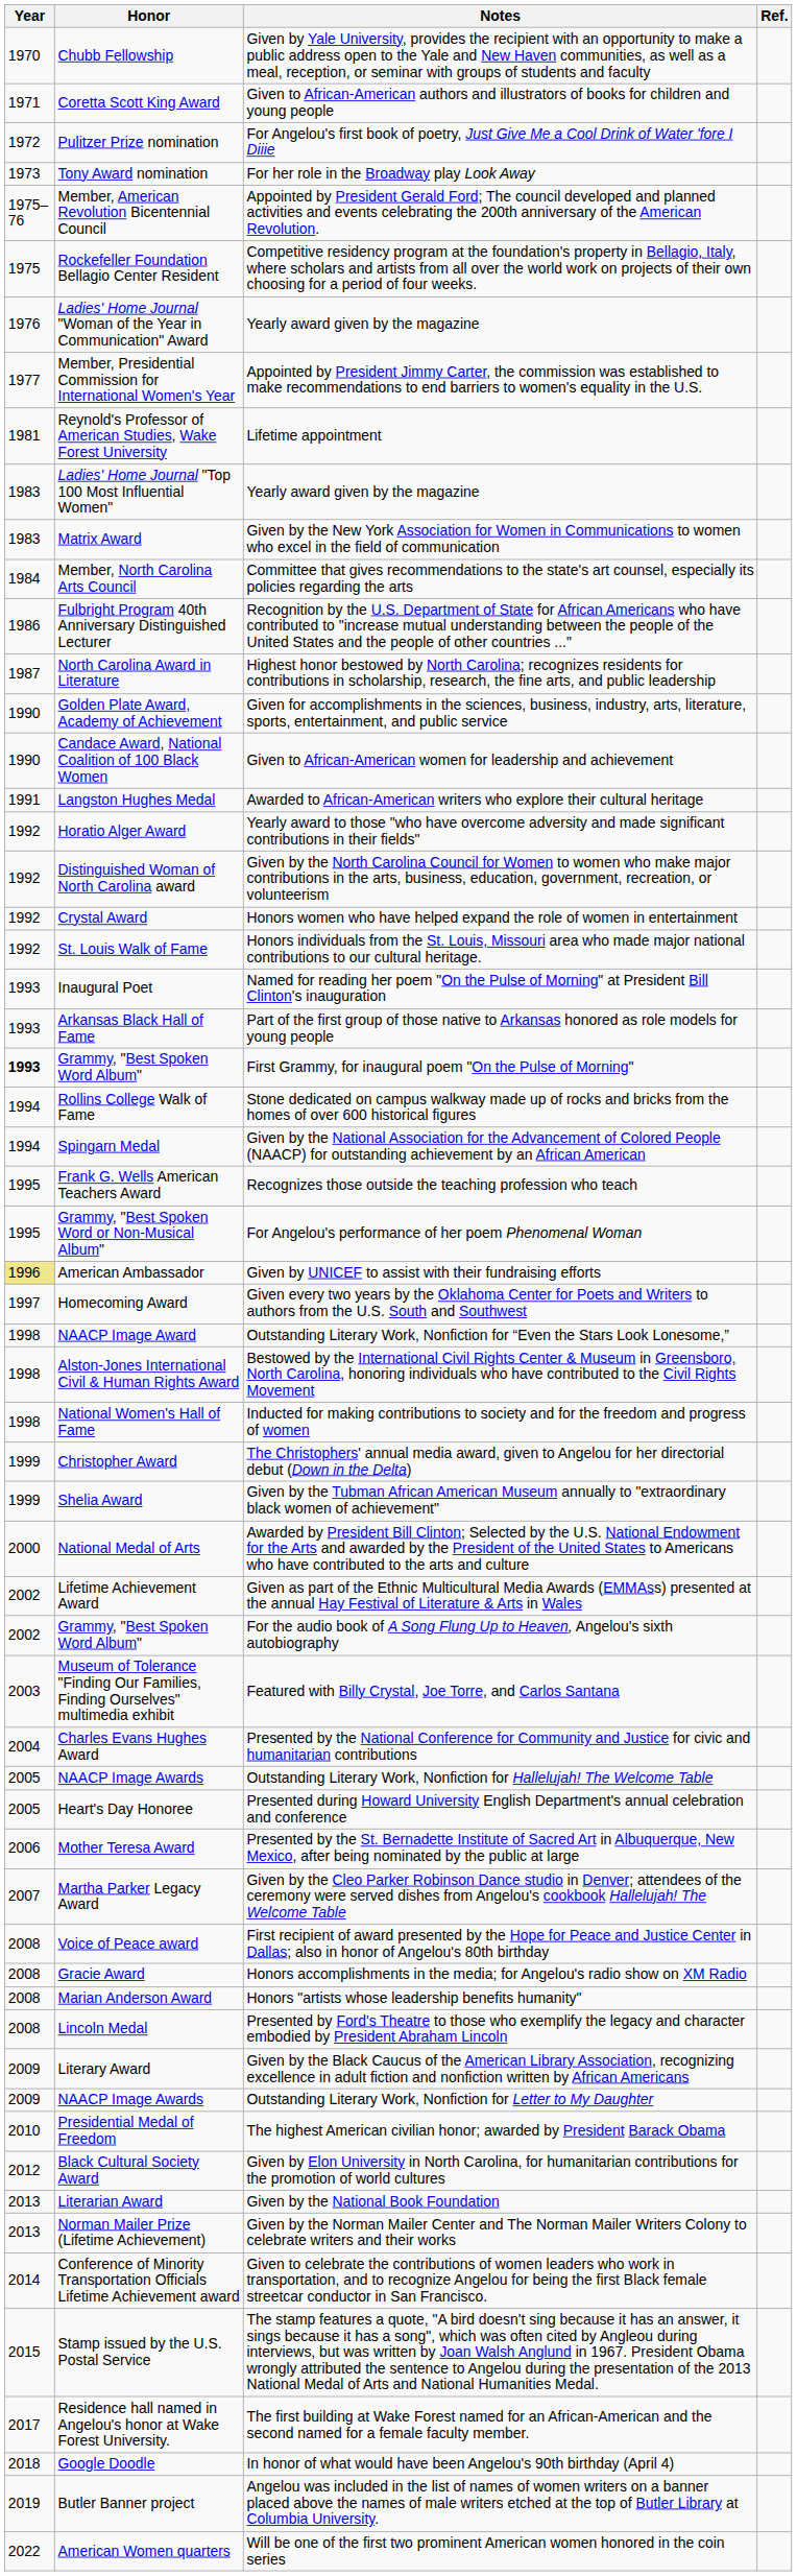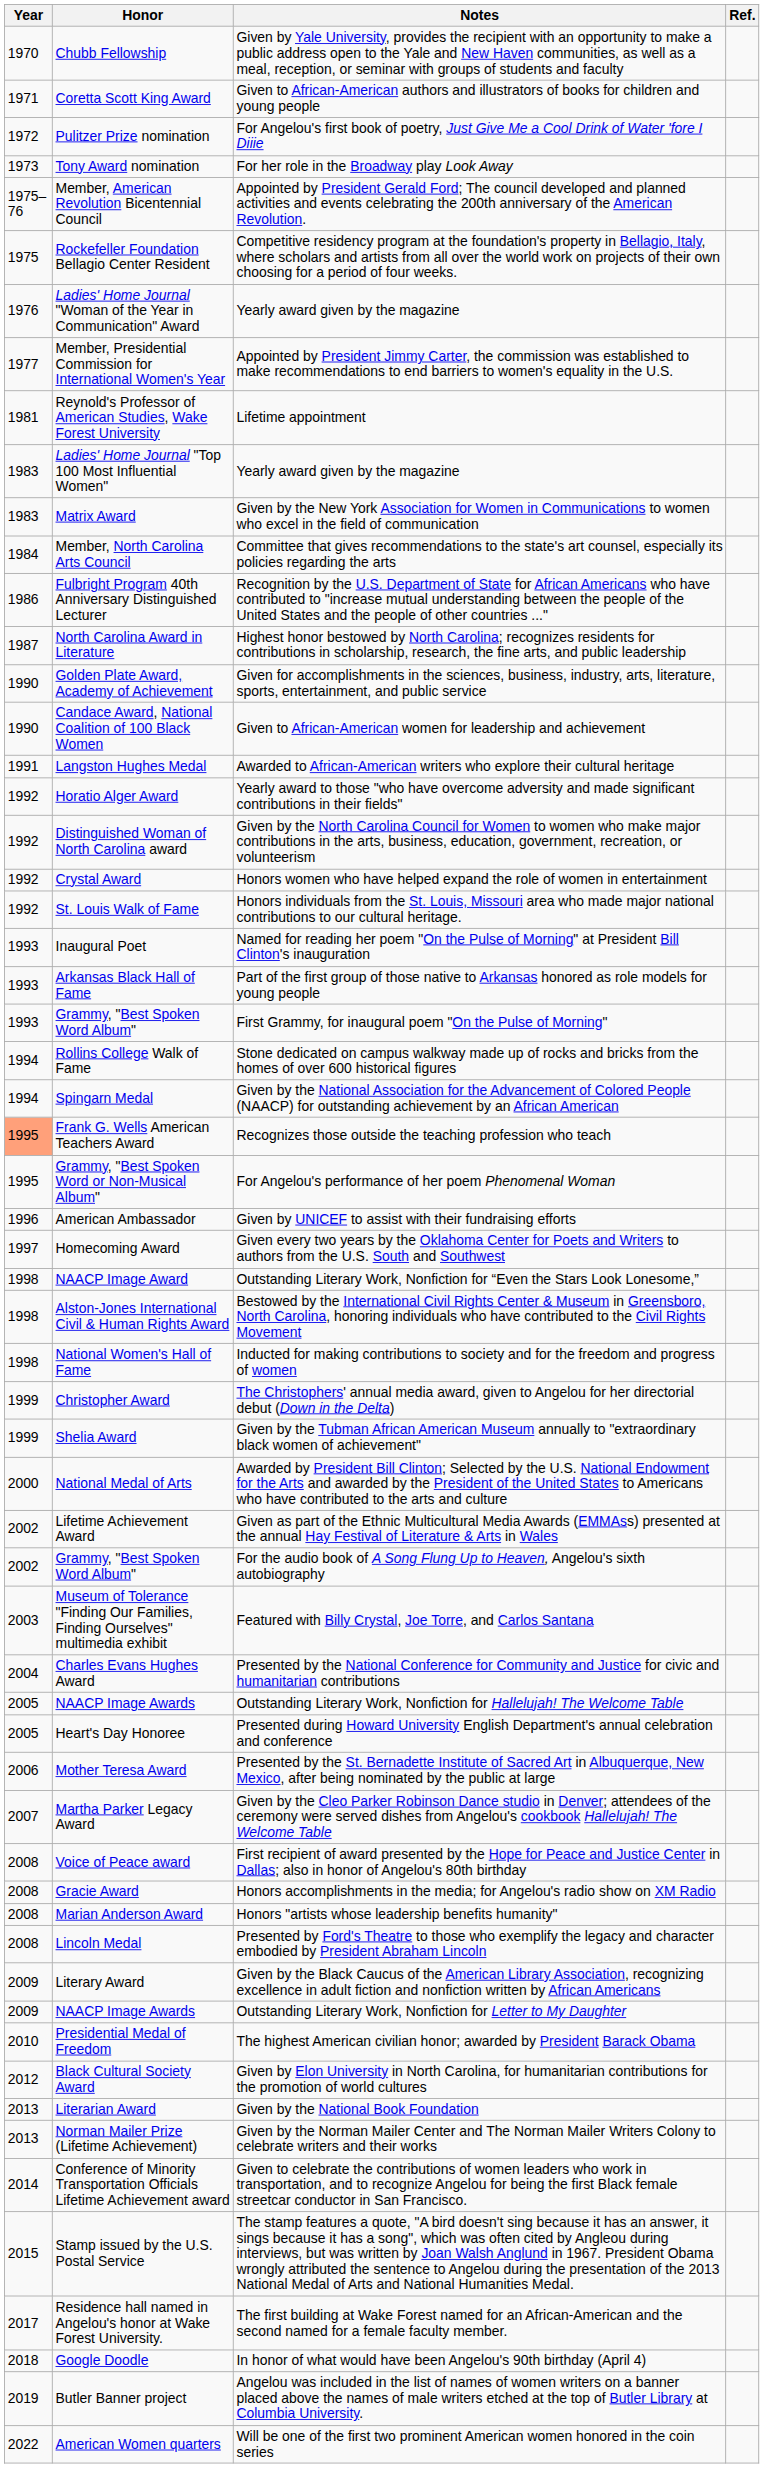 <table class="wikitable sortable">
 <tr>
 <th scope="col">Year</th>
 <th scope="col">Honor</th>
 <th class="unsortable" scope="col">Notes</th>
 <th class="unsortable" scope="col">Ref.</th>
 </tr>
 <tr>
 <td>1970</td>
 <td><a href='#'>Chubb Fellowship</a></td>
 <td>Given by <a href='#'>Yale University</a>, provides the recipient with an opportunity to make a public address open to the Yale and <a href='#'>New Haven</a> communities, as well as a meal, reception, or seminar with groups of students and faculty</td>
 <td style="text-align:center;"></td>
 </tr>
 <tr>
 <td>1971</td>
 <td><a href='#'>Coretta Scott King Award</a></td>
 <td>Given to <a href='#'>African-American</a> authors and illustrators of books for children and young people</td>
 <td style="text-align:center;"></td>
 </tr>
 <tr>
 <td>1972</td>
 <td><a href='#'>Pulitzer Prize</a> nomination</td>
 <td>For Angelou's first book of poetry, <em><a href='#'>Just Give Me a Cool Drink of Water 'fore I Diiie</a></em></td>
 <td style="text-align:center;"></td>
 </tr>
 <tr>
 <td>1973</td>
 <td><a href='#'>Tony Award</a> nomination</td>
 <td>For her role in the <a href='#'>Broadway</a> play <em>Look Away</em></td>
 <td style="text-align:center;"></td>
 </tr>
 <tr>
 <td>1975–76</td>
 <td>Member, <a href='#'>American Revolution</a> Bicentennial Council</td>
 <td>Appointed by <a href='#'>President Gerald Ford</a>; The council developed and planned activities and events celebrating the 200th anniversary of the <a href='#'>American Revolution</a>.</td>
 <td style="text-align:center;"></td>
 </tr>
 <tr>
 <td>1975</td>
 <td><a href='#'>Rockefeller Foundation</a> Bellagio Center Resident</td>
 <td>Competitive residency program at the foundation's property in <a href='#'>Bellagio, Italy</a>, where scholars and artists from all over the world work on projects of their own choosing for a period of four weeks.</td>
 <td style="text-align:center;"></td>
 </tr>
 <tr>
 <td>1976</td>
 <td><em><a href='#'>Ladies' Home Journal</a></em> "Woman of the Year in Communication" Award</td>
 <td>Yearly award given by the magazine</td>
 <td style="text-align:center;"></td>
 </tr>
 <tr>
 <td>1977</td>
 <td>Member, Presidential Commission for <a href='#'>International Women's Year</a></td>
 <td>Appointed by <a href='#'>President Jimmy Carter</a>, the commission was established to make recommendations to end barriers to women's equality in the U.S.</td>
 <td style="text-align:center;"></td>
 </tr>
 <tr>
 <td>1981</td>
 <td>Reynold's Professor of <a href='#'>American Studies</a>, <a href='#'>Wake Forest University</a></td>
 <td>Lifetime appointment</td>
 <td style="text-align:center;"></td>
 </tr>
 <tr>
 <td>1983</td>
 <td><em><a href='#'>Ladies' Home Journal</a></em> "Top 100 Most Influential Women"</td>
 <td>Yearly award given by the magazine</td>
 <td style="text-align:center;"></td>
 </tr>
 <tr>
 <td>1983</td>
 <td><a href='#'>Matrix Award</a></td>
 <td>Given by the New York <a href='#'>Association for Women in Communications</a> to women who excel in the field of communication</td>
 <td style="text-align:center;"></td>
 </tr>
 <tr>
 <td>1984</td>
 <td>Member, <a href='#'>North Carolina Arts Council</a></td>
 <td>Committee that gives recommendations to the state's art counsel, especially its policies regarding the arts</td>
 <td style="text-align:center;"></td>
 </tr>
 <tr>
 <td>1986</td>
 <td><a href='#'>Fulbright Program</a> 40th Anniversary Distinguished Lecturer</td>
 <td>Recognition by the <a href='#'>U.S. Department of State</a> for <a href='#'>African Americans</a> who have contributed to "increase mutual understanding between the people of the United States and the people of other countries ..."</td>
 <td style="text-align:center;"></td>
 </tr>
 <tr>
 <td>1987</td>
 <td><a href='#'>North Carolina Award in Literature</a></td>
 <td>Highest honor bestowed by <a href='#'>North Carolina</a>; recognizes residents for contributions in scholarship, research, the fine arts, and public leadership</td>
 <td style="text-align:center;"></td>
 </tr>
 <tr>
 <td>1990</td>
 <td><a href='#'>Golden Plate Award, Academy of Achievement</a></td>
 <td>Given for accomplishments in the sciences, business, industry, arts, literature, sports, entertainment, and public service</td>
 <td style="text-align:center;"></td>
 </tr>
 <tr>
 <td>1990</td>
 <td><a href='#'>Candace Award</a>, <a href='#'>National Coalition of 100 Black Women</a></td>
 <td>Given to <a href='#'>African-American</a> women for leadership and achievement</td>
 <td style="text-align:center;"></td>
 </tr>
 <tr>
 <td>1991</td>
 <td><a href='#'>Langston Hughes Medal</a></td>
 <td>Awarded to <a href='#'>African-American</a> writers who explore their cultural heritage</td>
 <td style="text-align:center;"></td>
 </tr>
 <tr>
 <td>1992</td>
 <td><a href='#'>Horatio Alger Award</a></td>
 <td>Yearly award to those "who have overcome adversity and made significant contributions in their fields"</td>
 <td style="text-align:center;"></td>
 </tr>
 <tr>
 <td>1992</td>
 <td><a href='#'>Distinguished Woman of North Carolina</a> award</td>
 <td>Given by the <a href='#'>North Carolina Council for Women</a> to women who make major contributions in the arts, business, education, government, recreation, or volunteerism</td>
 <td style="text-align:center;"></td>
 </tr>
 <tr>
 <td>1992</td>
 <td><a href='#'>Crystal Award</a></td>
 <td>Honors women who have helped expand the role of women in entertainment</td>
 <td style="text-align:center;"></td>
 </tr>
 <tr>
 <td>1992</td>
 <td><a href='#'>St. Louis Walk of Fame</a></td>
 <td>Honors individuals from the <a href='#'>St. Louis, Missouri</a> area who made major national contributions to our cultural heritage.</td>
 <td style="text-align:center;"></td>
 </tr>
 <tr>
 <td>1993</td>
 <td>Inaugural Poet</td>
 <td>Named for reading her poem "<a href='#'>On the Pulse of Morning</a>" at President <a href='#'>Bill Clinton</a>'s inauguration</td>
 <td style="text-align:center;"></td>
 </tr>
 <tr>
 <td>1993</td>
 <td><a href='#'>Arkansas Black Hall of Fame</a></td>
 <td>Part of the first group of those native to <a href='#'>Arkansas</a> honored as role models for young people</td>
 <td style="text-align:center;"></td>
 </tr>
 <tr>
-<td><strong>1993</strong></td>
+<td>1993</td>
 <td><a href='#'>Grammy</a>, "<a href='#'>Best Spoken Word Album</a>"</td>
 <td>First Grammy, for inaugural poem "<a href='#'>On the Pulse of Morning</a>"</td>
 <td style="text-align:center;"></td>
 </tr>
 <tr>
 <td>1994</td>
 <td><a href='#'>Rollins College</a> Walk of Fame</td>
 <td>Stone dedicated on campus walkway made up of rocks and bricks from the homes of over 600 historical figures</td>
 <td style="text-align:center;"></td>
 </tr>
 <tr>
 <td>1994</td>
 <td><a href='#'>Spingarn Medal</a></td>
 <td>Given by the <a href='#'>National Association for the Advancement of Colored People</a> (NAACP) for outstanding achievement by an <a href='#'>African American</a></td>
 <td style="text-align:center;"></td>
 </tr>
 <tr>
-<td>1995</td>
+<td style="background: lightsalmon;">1995</td>
 <td><a href='#'>Frank G. Wells</a> American Teachers Award</td>
 <td>Recognizes those outside the teaching profession who teach</td>
 <td style="text-align:center;"></td>
 </tr>
 <tr>
 <td>1995</td>
 <td><a href='#'>Grammy</a>, "<a href='#'>Best Spoken Word or Non-Musical Album</a>"</td>
 <td>For Angelou's performance of her poem <em>Phenomenal Woman</em></td>
 <td style="text-align:center;"></td>
 </tr>
 <tr>
-<td style="background: khaki;">1996</td>
+<td>1996</td>
 <td>American Ambassador</td>
 <td>Given by <a href='#'>UNICEF</a> to assist with their fundraising efforts</td>
 <td style="text-align:center;"></td>
 </tr>
 <tr>
 <td>1997</td>
 <td>Homecoming Award</td>
 <td>Given every two years by the <a href='#'>Oklahoma Center for Poets and Writers</a> to authors from the U.S. <a href='#'>South</a> and <a href='#'>Southwest</a></td>
 <td style="text-align:center;"></td>
 </tr>
 <tr>
 <td>1998</td>
 <td><a href='#'>NAACP Image Award</a></td>
 <td>Outstanding Literary Work, Nonfiction for “Even the Stars Look Lonesome,”</td>
 <td style="text-align:center;"></td>
 </tr>
 <tr>
 <td>1998</td>
 <td><a href='#'>Alston-Jones International Civil & Human Rights Award</a></td>
 <td>Bestowed by the <a href='#'>International Civil Rights Center & Museum</a> in <a href='#'>Greensboro, North Carolina</a>, honoring individuals who have contributed to the <a href='#'>Civil Rights Movement</a></td>
 <td style="text-align:center;"></td>
 </tr>
 <tr>
 <td>1998</td>
 <td><a href='#'>National Women's Hall of Fame</a></td>
 <td>Inducted for making contributions to society and for the freedom and progress of <a href='#'>women</a></td>
 <td style="text-align:center;"></td>
 </tr>
 <tr>
 <td>1999</td>
 <td><a href='#'>Christopher Award</a></td>
 <td><a href='#'>The Christophers</a>' annual media award, given to Angelou for her directorial debut (<em><a href='#'>Down in the Delta</a></em>)</td>
 <td style="text-align:center;"></td>
 </tr>
 <tr>
 <td>1999</td>
 <td><a href='#'>Shelia Award</a></td>
 <td>Given by the <a href='#'>Tubman African American Museum</a> annually to "extraordinary black women of achievement"</td>
 <td style="text-align:center;"></td>
 </tr>
 <tr>
 <td>2000</td>
 <td><a href='#'>National Medal of Arts</a></td>
 <td>Awarded by <a href='#'>President Bill Clinton</a>; Selected by the U.S. <a href='#'>National Endowment for the Arts</a> and awarded by the <a href='#'>President of the United States</a> to Americans who have contributed to the arts and culture</td>
 <td style="text-align:center;"></td>
 </tr>
 <tr>
 <td>2002</td>
 <td>Lifetime Achievement Award</td>
 <td>Given as part of the Ethnic Multicultural Media Awards (<a href='#'>EMMAs</a>s) presented at the annual <a href='#'>Hay Festival of Literature & Arts</a> in <a href='#'>Wales</a></td>
 <td style="text-align:center;"></td>
 </tr>
 <tr>
 <td>2002</td>
 <td><a href='#'>Grammy</a>, "<a href='#'>Best Spoken Word Album</a>"</td>
 <td>For the audio book of <em><a href='#'>A Song Flung Up to Heaven</a>,</em> Angelou's sixth autobiography</td>
 <td style="text-align:center;"></td>
 </tr>
 <tr>
 <td>2003</td>
 <td><a href='#'>Museum of Tolerance</a> "Finding Our Families, Finding Ourselves" multimedia exhibit</td>
 <td>Featured with <a href='#'>Billy Crystal</a>, <a href='#'>Joe Torre</a>, and <a href='#'>Carlos Santana</a></td>
 <td style="text-align:center;"></td>
 </tr>
 <tr>
 <td>2004</td>
 <td><a href='#'>Charles Evans Hughes</a> Award</td>
 <td>Presented by the <a href='#'>National Conference for Community and Justice</a> for civic and <a href='#'>humanitarian</a> contributions</td>
 <td style="text-align:center;"></td>
 </tr>
 <tr>
 <td>2005</td>
 <td><a href='#'>NAACP Image Awards</a></td>
 <td>Outstanding Literary Work, Nonfiction for <em><a href='#'>Hallelujah! The Welcome Table</a></em></td>
 <td style="text-align:center;"></td>
 </tr>
 <tr>
 <td>2005</td>
 <td>Heart's Day Honoree</td>
 <td>Presented during <a href='#'>Howard University</a> English Department's annual celebration and conference</td>
 <td style="text-align:center;"></td>
 </tr>
 <tr>
 <td>2006</td>
 <td><a href='#'>Mother Teresa Award</a></td>
 <td>Presented by the <a href='#'>St. Bernadette Institute of Sacred Art</a> in <a href='#'>Albuquerque, New Mexico</a>, after being nominated by the public at large</td>
 <td style="text-align:center;"></td>
 </tr>
 <tr>
 <td>2007</td>
 <td><a href='#'>Martha Parker</a> Legacy Award</td>
 <td>Given by the <a href='#'>Cleo Parker Robinson Dance studio</a> in <a href='#'>Denver</a>; attendees of the ceremony were served dishes from Angelou's <a href='#'>cookbook</a> <em><a href='#'>Hallelujah! The Welcome Table</a></em></td>
 <td style="text-align:center;"></td>
 </tr>
 <tr>
 <td>2008</td>
 <td><a href='#'>Voice of Peace award</a></td>
 <td>First recipient of award presented by the <a href='#'>Hope for Peace and Justice Center</a> in <a href='#'>Dallas</a>; also in honor of Angelou's 80th birthday</td>
 <td style="text-align:center;"></td>
 </tr>
 <tr>
 <td>2008</td>
 <td><a href='#'>Gracie Award</a></td>
 <td>Honors accomplishments in the media; for Angelou's radio show on <a href='#'>XM Radio</a></td>
 <td style="text-align:center;"></td>
 </tr>
 <tr>
 <td>2008</td>
 <td><a href='#'>Marian Anderson Award</a></td>
 <td>Honors "artists whose leadership benefits humanity"</td>
 <td style="text-align:center;"></td>
 </tr>
 <tr>
 <td>2008</td>
 <td><a href='#'>Lincoln Medal</a></td>
 <td>Presented by <a href='#'>Ford's Theatre</a> to those who exemplify the legacy and character embodied by <a href='#'>President Abraham Lincoln</a></td>
 <td style="text-align:center;"></td>
 </tr>
 <tr>
 <td>2009</td>
 <td>Literary Award</td>
 <td>Given by the Black Caucus of the <a href='#'>American Library Association</a>, recognizing excellence in adult fiction and nonfiction written by <a href='#'>African Americans</a></td>
 <td style="text-align:center;"></td>
 </tr>
 <tr>
 <td>2009</td>
 <td><a href='#'>NAACP Image Awards</a></td>
 <td>Outstanding Literary Work, Nonfiction for <em><a href='#'>Letter to My Daughter</a></em></td>
 <td style="text-align:center;"></td>
 </tr>
 <tr>
 <td>2010</td>
 <td><a href='#'>Presidential Medal of Freedom</a></td>
 <td>The highest American civilian honor; awarded by <a href='#'>President</a> <a href='#'>Barack Obama</a></td>
 <td style="text-align:center;"></td>
 </tr>
 <tr>
 <td>2012</td>
 <td><a href='#'>Black Cultural Society Award</a></td>
 <td>Given by <a href='#'>Elon University</a> in North Carolina, for humanitarian contributions for the promotion of world cultures</td>
 <td style="text-align:center;"></td>
 </tr>
 <tr>
 <td>2013</td>
 <td><a href='#'>Literarian Award</a></td>
 <td>Given by the <a href='#'>National Book Foundation</a></td>
 <td style="text-align:center;"></td>
 </tr>
 <tr>
 <td>2013</td>
 <td><a href='#'>Norman Mailer Prize</a> (Lifetime Achievement)</td>
 <td>Given by the Norman Mailer Center and The Norman Mailer Writers Colony to celebrate writers and their works</td>
 <td style="text-align:center;"></td>
 </tr>
 <tr>
 <td>2014</td>
 <td>Conference of Minority Transportation Officials Lifetime Achievement award</td>
 <td>Given to celebrate the contributions of women leaders who work in transportation, and to recognize Angelou for being the first Black female streetcar conductor in San Francisco.</td>
 <td></td>
 </tr>
 <tr>
 <td>2015</td>
 <td>Stamp issued by the U.S. Postal Service</td>
 <td>The stamp features a quote, "A bird doesn't sing because it has an answer, it sings because it has a song", which was often cited by Angleou during interviews, but was written by <a href='#'>Joan Walsh Anglund</a> in 1967. President Obama wrongly attributed the sentence to Angelou during the presentation of the 2013 National Medal of Arts and National Humanities Medal.</td>
 <td style="text-align:center;"></td>
 </tr>
 <tr>
 <td>2017</td>
 <td>Residence hall named in Angelou's honor at Wake Forest University.</td>
 <td>The first building at Wake Forest named for an African-American and the second named for a female faculty member.</td>
 <td style="text-align:center;"></td>
 </tr>
 <tr>
 <td>2018</td>
 <td><a href='#'>Google Doodle</a></td>
 <td>In honor of what would have been Angelou's 90th birthday (April 4)</td>
 <td style="text-align:center;"></td>
 </tr>
 <tr>
 <td>2019</td>
 <td>Butler Banner project</td>
 <td>Angelou was included in the list of names of women writers on a banner placed above the names of male writers etched at the top of <a href='#'>Butler Library</a> at <a href='#'>Columbia University</a>.</td>
 <td style="text-align:center;"></td>
 </tr>
 <tr>
 <td>2022</td>
 <td><a href='#'>American Women quarters</a></td>
 <td>Will be one of the first two prominent American women honored in the coin series</td>
 <td></td>
 </tr>
 </table>
